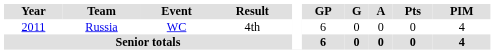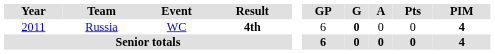 <table border="0" cellpadding="1" cellspacing="0" style="text-align:center; width:40em">
 <tr ALIGN="center" bgcolor="#e0e0e0">
 <th>Year</th>
 <th>Team</th>
 <th>Event</th>
 <th>Result</th>
 <th rowspan="99" bgcolor="#ffffff"> </th>
 <th>GP</th>
 <th>G</th>
 <th>A</th>
 <th>Pts</th>
 <th>PIM</th>
 </tr>
 <tr ALIGN="center">
 <td><a href='#'>2011</a></td>
 <td><a href='#'>Russia</a></td>
 <td><a href='#'>WC</a></td>
-<td>4th</td>
+<td><strong>4th</strong></td>
 <td>6</td>
+<td><strong>0</strong></td>
 <td>0</td>
 <td>0</td>
-<td>0</td>
-<td>4</td>
+<td><strong>4</strong></td>
 </tr>
 <tr ALIGN="center" bgcolor="#e0e0e0">
 <th colspan=4>Senior totals</th>
 <th>6</th>
 <th>0</th>
 <th>0</th>
 <th>0</th>
 <th>4</th>
 </tr>
 </table>
